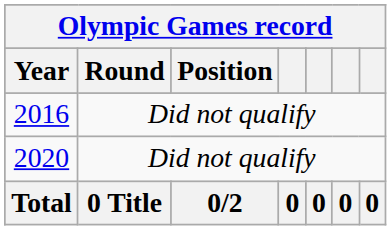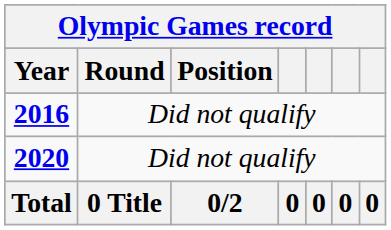 <table class="wikitable" style="text-align: center;">
 <tr>
 <th colspan=7><a href='#'>Olympic Games record</a></th>
 </tr>
 <tr>
 <th>Year</th>
 <th>Round</th>
 <th>Position</th>
 <th></th>
 <th></th>
 <th></th>
 <th></th>
 </tr>
 <tr>
-<td> <a href='#'>2016</a></td>
+<td><strong> <a href='#'>2016</a></strong></td>
 <td colspan="6" rowspan=1><em>Did not qualify</em></td>
 </tr>
 <tr>
-<td> <a href='#'>2020</a></td>
+<td><strong> <a href='#'>2020</a></strong></td>
 <td colspan="6" rowspan=1><em>Did not qualify</em></td>
 </tr>
 <tr>
 <th>Total</th>
 <th>0 Title</th>
 <th>0/2</th>
 <th>0</th>
 <th>0</th>
 <th>0</th>
 <th>0</th>
 </tr>
 </table>
